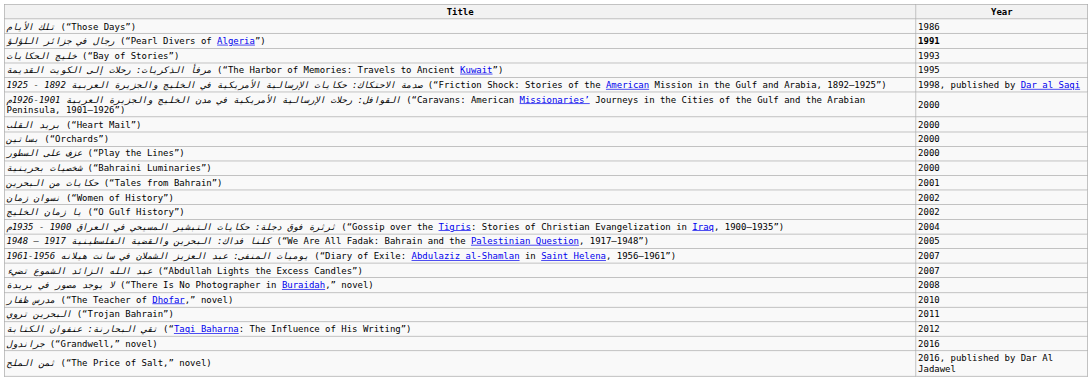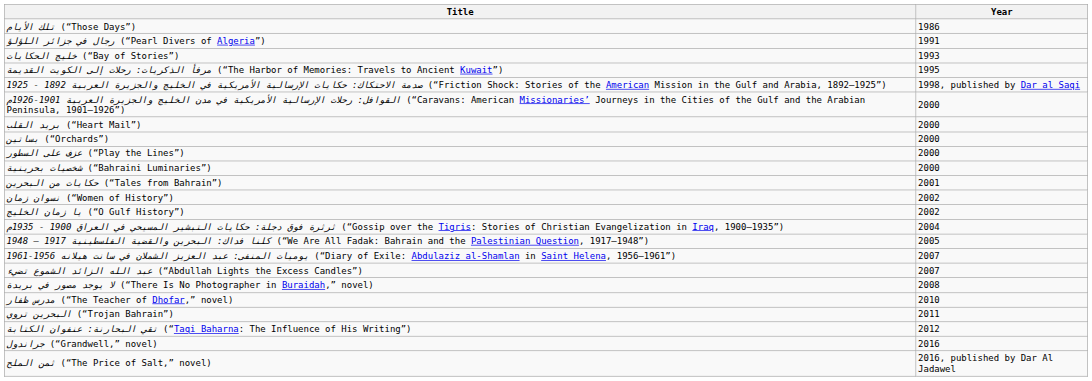 <table class="wikitable">
 <tr>
 <th>Title</th>
 <th>Year</th>
 </tr>
 <tr>
 <td><em>تلك الأيام</em> (“Those Days”)</td>
 <td>1986</td>
 </tr>
 <tr>
 <td><em>رجال في جزائر اللؤلؤ</em> (“Pearl Divers of <a href='#'>Algeria</a>”)</td>
-<td><strong>1991</strong></td>
+<td>1991</td>
 </tr>
 <tr>
 <td><em>خليج الحكايات</em> (“Bay of Stories”)</td>
 <td>1993</td>
 </tr>
 <tr>
 <td><em>مرفأ الذكريات: رحلات إلى الكويت القديمة</em> (“The Harbor of Memories: Travels to Ancient <a href='#'>Kuwait</a>”)</td>
 <td>1995</td>
 </tr>
 <tr>
 <td><em>صدمة الاحتكاك: حكايات الإرسالية الأمريكية في الخليج والجزيرة العربية 1892 - 1925</em> (“Friction Shock: Stories of the <a href='#'>American</a> Mission in the Gulf and Arabia, 1892—1925”)</td>
 <td>1998, published by <a href='#'>Dar al Saqi</a></td>
 </tr>
 <tr>
 <td><em>القوافل: رحلات الإرسالية الأمريكية في مدن الخليج والجزيرة العربية 1901-1926م</em> (“Caravans: American <a href='#'>Missionaries’</a> Journeys in the Cities of the Gulf and the Arabian Peninsula, 1901—1926”)</td>
 <td>2000</td>
 </tr>
 <tr>
 <td><em>بريد القلب</em> (“Heart Mail”)</td>
 <td>2000</td>
 </tr>
 <tr>
 <td><em>بساتين</em> (“Orchards”)</td>
 <td>2000</td>
 </tr>
 <tr>
 <td><em>عزف على السطور</em> (“Play the Lines”)</td>
 <td>2000</td>
 </tr>
 <tr>
 <td><em>شخصيات بحرينية</em> (“Bahraini Luminaries”)</td>
 <td>2000</td>
 </tr>
 <tr>
 <td><em>حكايات من البحرين</em> (“Tales from Bahrain”)</td>
 <td>2001</td>
 </tr>
 <tr>
 <td><em>نسوان زمان</em> (“Women of History”)</td>
 <td>2002</td>
 </tr>
 <tr>
 <td><em>يا زمان الخليج</em> (“O Gulf History”)</td>
 <td>2002</td>
 </tr>
 <tr>
 <td><em>ثرثرة فوق دجلة: حكايات التبشير المسيحي في العراق 1900 - 1935م</em> (“Gossip over the <a href='#'>Tigris</a>: Stories of Christian Evangelization in <a href='#'>Iraq</a>, 1900—1935”)</td>
 <td>2004</td>
 </tr>
 <tr>
 <td><em>كلنا فداك: البحرين والقضية الفلسطينية 1917 – 1948</em> (“We Are All Fadak: Bahrain and the <a href='#'>Palestinian Question</a>, 1917—1948”)</td>
 <td>2005</td>
 </tr>
 <tr>
 <td><em>يوميات المنفى: عبد العزيز الشملان في سانت هيلانه 1956-1961</em> (“Diary of Exile: <a href='#'>Abdulaziz al-Shamlan</a> in <a href='#'>Saint Helena</a>, 1956—1961”)</td>
 <td>2007</td>
 </tr>
 <tr>
 <td><em>عبد الله الزائد الشموع تضيء</em> (“Abdullah Lights the Excess Candles”)</td>
 <td>2007</td>
 </tr>
 <tr>
 <td><em>لا يوجد مصور في بريدة</em> (“There Is No Photographer in <a href='#'>Buraidah</a>,” novel)</td>
 <td>2008</td>
 </tr>
 <tr>
 <td><em>مدرس ظفار</em> (“The Teacher of <a href='#'>Dhofar</a>,” novel)</td>
 <td>2010</td>
 </tr>
 <tr>
 <td><em>البحرين تروي</em> (“Trojan Bahrain”)</td>
 <td>2011</td>
 </tr>
 <tr>
 <td><em>تقي البحارنة: عنفوان الكتابة</em> (“<a href='#'>Taqi Baharna</a>: The Influence of His Writing”)</td>
 <td>2012</td>
 </tr>
 <tr>
 <td><em>جراندول</em> (“Grandwell,” novel)</td>
 <td>2016</td>
 </tr>
 <tr>
 <td><em>ثمن الملح</em> (“The Price of Salt,” novel)</td>
 <td>2016, published by Dar Al Jadawel</td>
 </tr>
 </table>
